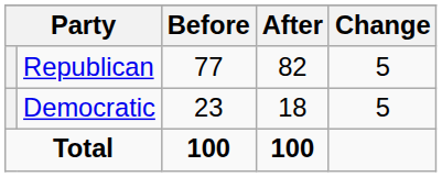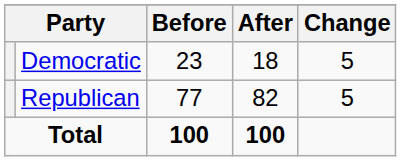 <table class="wikitable" style="text-align:center;">
 <tr>
 </tr>
 <tr>
 <th colspan=2>Party</th>
 <th>Before</th>
 <th>After</th>
 <th>Change</th>
 </tr>
 <tr>
 <th style="background-color:"></th>
-<td style="text-align:left;"><a href='#'>Republican</a></td>
-<td>77</td>
-<td>82</td>
+<td style="text-align:left;"><a href='#'>Democratic</a></td>
+<td>23</td>
+<td>18</td>
 <td> 5</td>
 </tr>
 <tr>
 <th style="background-color:"></th>
-<td style="text-align:left;"><a href='#'>Democratic</a></td>
-<td>23</td>
-<td>18</td>
+<td style="text-align:left;"><a href='#'>Republican</a></td>
+<td>77</td>
+<td>82</td>
 <td> 5</td>
 </tr>
 <tr>
 <td colspan=2><strong>Total</strong></td>
 <td><strong>100</strong></td>
 <td><strong>100</strong></td>
 <td></td>
 </tr>
 </table>
